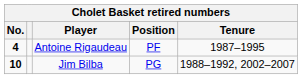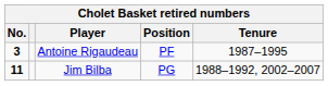 <table class="wikitable" style="text-align:center">
 <tr>
 <th colspan="5">Cholet Basket retired numbers</th>
 </tr>
 <tr>
 <th>No.</th>
 <th></th>
 <th>Player</th>
 <th>Position</th>
 <th>Tenure</th>
 </tr>
 <tr>
-<td><strong>4</strong></td>
+<td><strong>3</strong></td>
 <td></td>
 <td><a href='#'>Antoine Rigaudeau</a></td>
 <td><a href='#'>PF</a></td>
 <td>1987–1995</td>
 </tr>
 <tr>
-<td><strong>10</strong></td>
+<td><strong>11</strong></td>
 <td></td>
 <td><a href='#'>Jim Bilba</a></td>
 <td><a href='#'>PG</a></td>
 <td>1988–1992, 2002–2007</td>
 </tr>
 </table>
